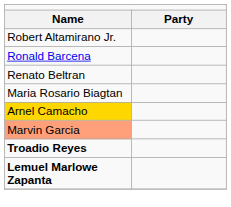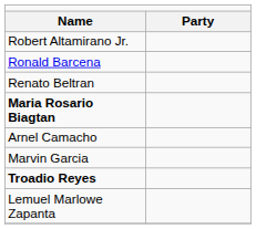 <table class=wikitable style="font-size:90%">
 <tr>
 <td colspan=4 bgcolor=></td>
 </tr>
 <tr>
 <th width=150px>Name</th>
 <th colspan=2 width=110px>Party</th>
 </tr>
 <tr>
 <td>Robert Altamirano Jr.</td>
 <td></td>
 </tr>
 <tr>
 <td><a href='#'>Ronald Barcena</a></td>
 <td></td>
 </tr>
 <tr>
 <td>Renato Beltran</td>
 <td></td>
 </tr>
 <tr>
-<td>Maria Rosario Biagtan</td>
+<td><strong>Maria Rosario Biagtan</strong></td>
 <td></td>
 </tr>
 <tr>
-<td style="background: gold;">Arnel Camacho</td>
+<td>Arnel Camacho</td>
 <td></td>
 </tr>
 <tr>
-<td style="background: lightsalmon;">Marvin Garcia</td>
+<td>Marvin Garcia</td>
 <td></td>
 </tr>
 <tr>
 <td><strong>Troadio Reyes</strong></td>
 <td></td>
 </tr>
 <tr>
-<td><strong>Lemuel Marlowe Zapanta</strong></td>
+<td>Lemuel Marlowe Zapanta</td>
 <td></td>
 </tr>
 <tr>
 </tr>
 </table>
